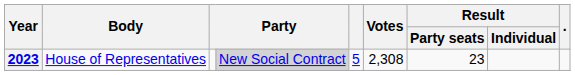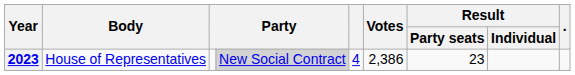 <table class="wikitable plainrowheaders sortable" border=2 cellpadding=4 cellspacing=0 style="border: 1px #aaa solid; font-size: 90%; text-align:center;">
 <tr>
 <th scope="col" rowspan=2>Year</th>
 <th scope="col" rowspan=2>Body</th>
 <th scope="col" colspan=2 rowspan=2>Party</th>
 <th scope="col" rowspan=2></th>
 <th scope="col" rowspan=2>Votes</th>
 <th scope="colgroup" colspan=2>Result</th>
 <th scope="col" rowspan=2 class="unsortable">.</th>
 </tr>
 <tr>
 <th scope="col">Party seats</th>
 <th scope="col">Individual</th>
 </tr>
 <tr>
 <th scope="row"><a href='#'>2023</a></th>
 <td><a href='#'>House of Representatives</a></td>
 <td style="background-color:"></td>
 <td style="background: lightgrey;"><a href='#'>New Social Contract</a></td>
-<td style=text-align:right><a href='#'>5</a></td>
-<td style=text-align:right>2,308</td>
+<td style=text-align:right><a href='#'>4</a></td>
+<td style=text-align:right>2,386</td>
 <td style=text-align:right>23</td>
 <td></td>
 <td></td>
 </tr>
 </table>
